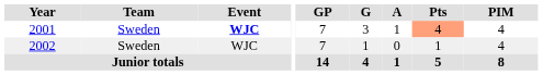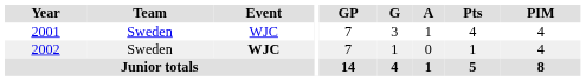 <table border="0" cellpadding="1" cellspacing="0" ID="Table3" style="text-align:center; width:40em">
 <tr ALIGN="center" bgcolor="#e0e0e0">
 <th>Year</th>
 <th>Team</th>
 <th>Event</th>
 <th rowspan="99" bgcolor="#ffffff"></th>
 <th>GP</th>
 <th>G</th>
 <th>A</th>
 <th>Pts</th>
 <th>PIM</th>
 </tr>
 <tr>
 <td><a href='#'>2001</a></td>
 <td><a href='#'>Sweden</a></td>
-<td><strong><a href='#'>WJC</a></strong></td>
+<td><a href='#'>WJC</a></td>
 <td>7</td>
 <td>3</td>
 <td>1</td>
-<td style="background: lightsalmon;">4</td>
+<td>4</td>
 <td>4</td>
 </tr>
 <tr bgcolor="#f0f0f0">
 <td><a href='#'>2002</a></td>
 <td>Sweden</td>
-<td>WJC</td>
+<td><strong>WJC</strong></td>
 <td>7</td>
 <td>1</td>
 <td>0</td>
 <td>1</td>
 <td>4</td>
 </tr>
 <tr bgcolor="#e0e0e0">
 <th colspan="3">Junior totals</th>
 <th>14</th>
 <th>4</th>
 <th>1</th>
 <th>5</th>
 <th>8</th>
 </tr>
 </table>
